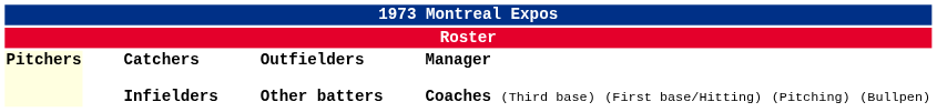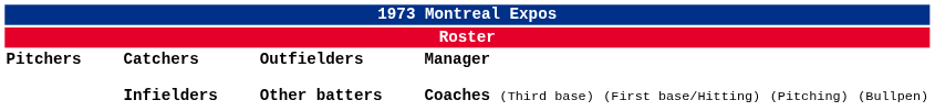 <table class="toccolours" style="font-size: 95%;">
 <tr>
 <th colspan="10" style="background-color: #003087; color: #FFFFFF; text-align: center;">1973 Montreal Expos</th>
 </tr>
 <tr>
 <td colspan="10" style="background-color: #E4002B; color: #FFFFFF; text-align: center;"><strong>Roster</strong></td>
 </tr>
 <tr>
-<td valign="top" style="background: lightyellow;"><strong>Pitchers</strong><br>              </td>
+<td valign="top"><strong>Pitchers</strong><br>              </td>
 <td width="25px"></td>
 <td valign="top"><strong>Catchers</strong><br>  <br><strong>Infielders</strong>          </td>
 <td width="25px"></td>
 <td valign="top"><strong>Outfielders</strong><br>          <br><strong>Other batters</strong>  </td>
 <td width="25px"></td>
 <td valign="top"><strong>Manager</strong><br><br><strong>Coaches</strong>  <small>(Third base)</small>  <small>(First base/Hitting)</small>  <small>(Pitching)</small>  <small>(Bullpen)</small></td>
 </tr>
 <tr>
 </tr>
 </table>
